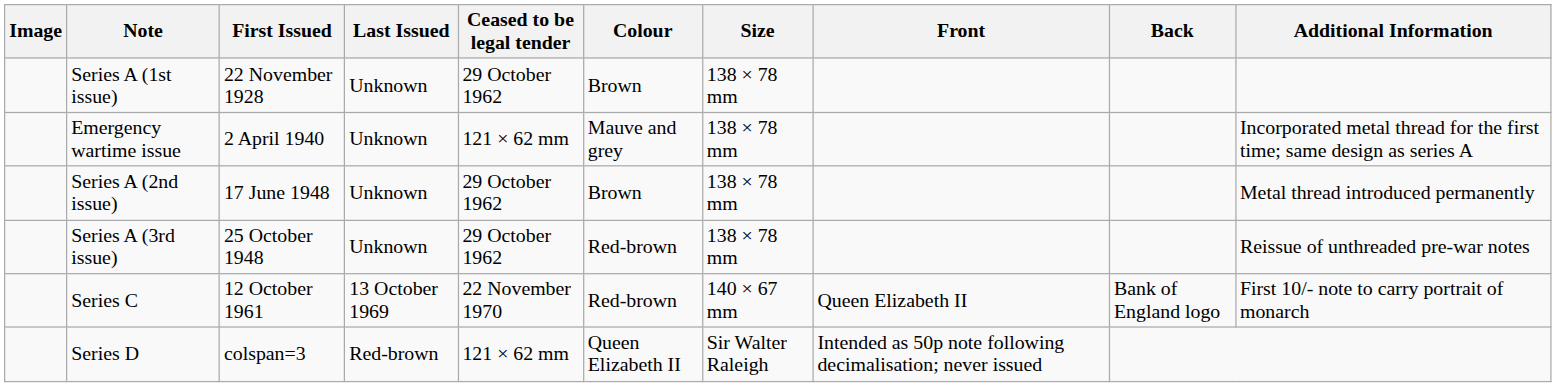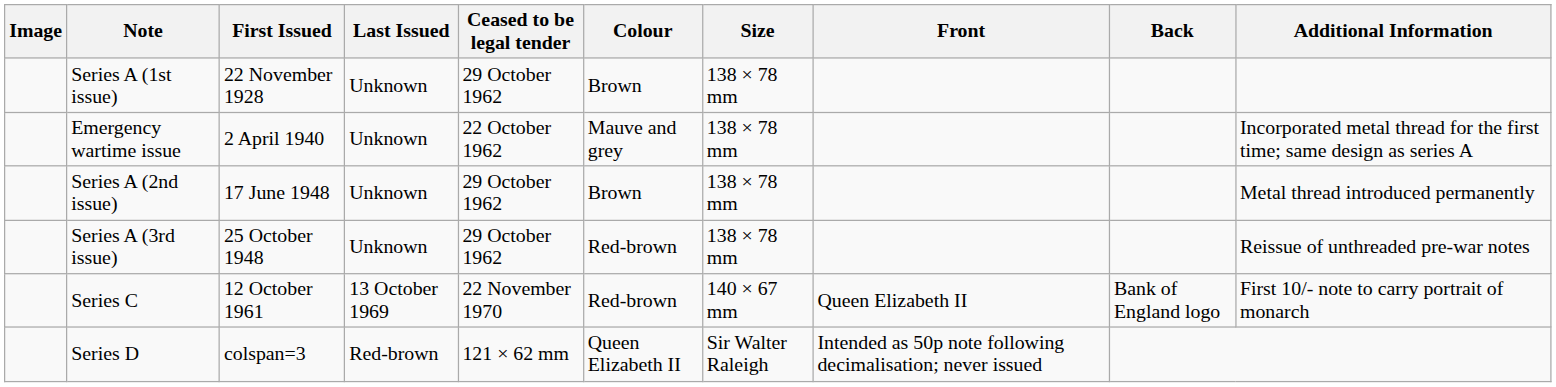 <table class="wikitable">
 <tr>
 <th>Image</th>
 <th>Note</th>
 <th>First Issued</th>
 <th>Last Issued</th>
 <th>Ceased to be<br>legal tender</th>
 <th>Colour</th>
 <th>Size</th>
 <th>Front</th>
 <th>Back</th>
 <th>Additional Information</th>
 </tr>
 <tr>
 <td></td>
 <td>Series A (1st issue)</td>
 <td>22 November 1928</td>
 <td>Unknown</td>
 <td>29 October 1962</td>
 <td>Brown</td>
 <td>138 × 78 mm</td>
 <td></td>
 <td></td>
 <td></td>
 </tr>
 <tr>
 <td></td>
 <td>Emergency wartime issue</td>
 <td>2 April 1940</td>
 <td>Unknown</td>
-<td>121 × 62 mm</td>
+<td>22 October 1962</td>
 <td>Mauve and grey</td>
 <td>138 × 78 mm</td>
 <td></td>
 <td></td>
 <td>Incorporated metal thread for the first time; same design as series A</td>
 </tr>
 <tr>
 <td></td>
 <td>Series A (2nd issue)</td>
 <td>17 June 1948</td>
 <td>Unknown</td>
 <td>29 October 1962</td>
 <td>Brown</td>
 <td>138 × 78 mm</td>
 <td></td>
 <td></td>
 <td>Metal thread introduced permanently</td>
 </tr>
 <tr>
 <td></td>
 <td>Series A (3rd issue)</td>
 <td>25 October 1948</td>
 <td>Unknown</td>
 <td>29 October 1962</td>
 <td>Red-brown</td>
 <td>138 × 78 mm</td>
 <td></td>
 <td></td>
 <td>Reissue of unthreaded pre-war notes</td>
 </tr>
 <tr>
 <td></td>
 <td>Series C</td>
 <td>12 October 1961</td>
 <td>13 October 1969</td>
 <td>22 November 1970</td>
 <td>Red-brown</td>
 <td>140 × 67 mm</td>
 <td>Queen Elizabeth II</td>
 <td>Bank of England logo</td>
 <td>First 10/- note to carry portrait of monarch</td>
 </tr>
 <tr>
 <td></td>
 <td>Series D</td>
 <td>colspan=3 </td>
 <td>Red-brown</td>
 <td>121 × 62 mm</td>
 <td>Queen Elizabeth II</td>
 <td>Sir Walter Raleigh</td>
 <td>Intended as 50p note following decimalisation; never issued</td>
 </tr>
 </table>
